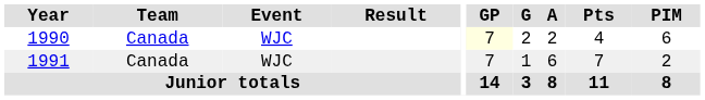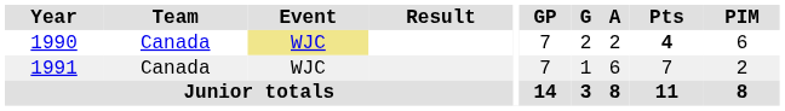 <table border="0" cellpadding="1" cellspacing="0" ID="Table3" style="text-align:center; width:40em">
 <tr ALIGN="center" bgcolor="#e0e0e0">
 <th>Year</th>
 <th>Team</th>
 <th>Event</th>
 <th>Result</th>
 <th rowspan="99" bgcolor="#ffffff"></th>
 <th>GP</th>
 <th>G</th>
 <th>A</th>
 <th>Pts</th>
 <th>PIM</th>
 </tr>
 <tr>
 <td><a href='#'>1990</a></td>
 <td><a href='#'>Canada</a></td>
-<td><a href='#'>WJC</a></td>
+<td style="background: khaki;"><a href='#'>WJC</a></td>
 <td></td>
-<td style="background: lightyellow;">7</td>
+<td>7</td>
 <td>2</td>
 <td>2</td>
-<td>4</td>
+<td><strong>4</strong></td>
 <td>6</td>
 </tr>
 <tr bgcolor="#f0f0f0">
 <td><a href='#'>1991</a></td>
 <td>Canada</td>
 <td>WJC</td>
 <td></td>
 <td>7</td>
 <td>1</td>
 <td>6</td>
 <td>7</td>
 <td>2</td>
 </tr>
 <tr bgcolor="#e0e0e0">
 <th colspan="4">Junior totals</th>
 <th>14</th>
 <th>3</th>
 <th>8</th>
 <th>11</th>
 <th>8</th>
 </tr>
 </table>
